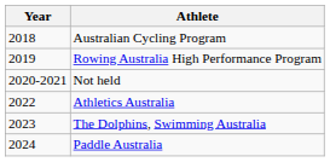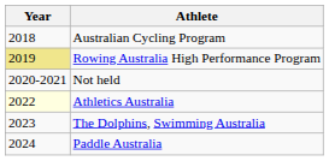 <table class="wikitable">
 <tr>
 <th>Year</th>
 <th>Athlete</th>
 </tr>
 <tr>
 <td>2018</td>
 <td>Australian Cycling Program</td>
 </tr>
 <tr>
-<td>2019</td>
+<td style="background: khaki;">2019</td>
 <td><a href='#'>Rowing Australia</a> High Performance Program</td>
 </tr>
 <tr>
 <td>2020-2021</td>
 <td>Not held</td>
 </tr>
 <tr>
-<td>2022</td>
+<td style="background: lightyellow;">2022</td>
 <td><a href='#'>Athletics Australia</a></td>
 </tr>
 <tr>
 <td>2023</td>
 <td><a href='#'>The Dolphins</a>, <a href='#'>Swimming Australia</a></td>
 </tr>
 <tr>
 <td>2024</td>
 <td><a href='#'>Paddle Australia</a></td>
 </tr>
 </table>
